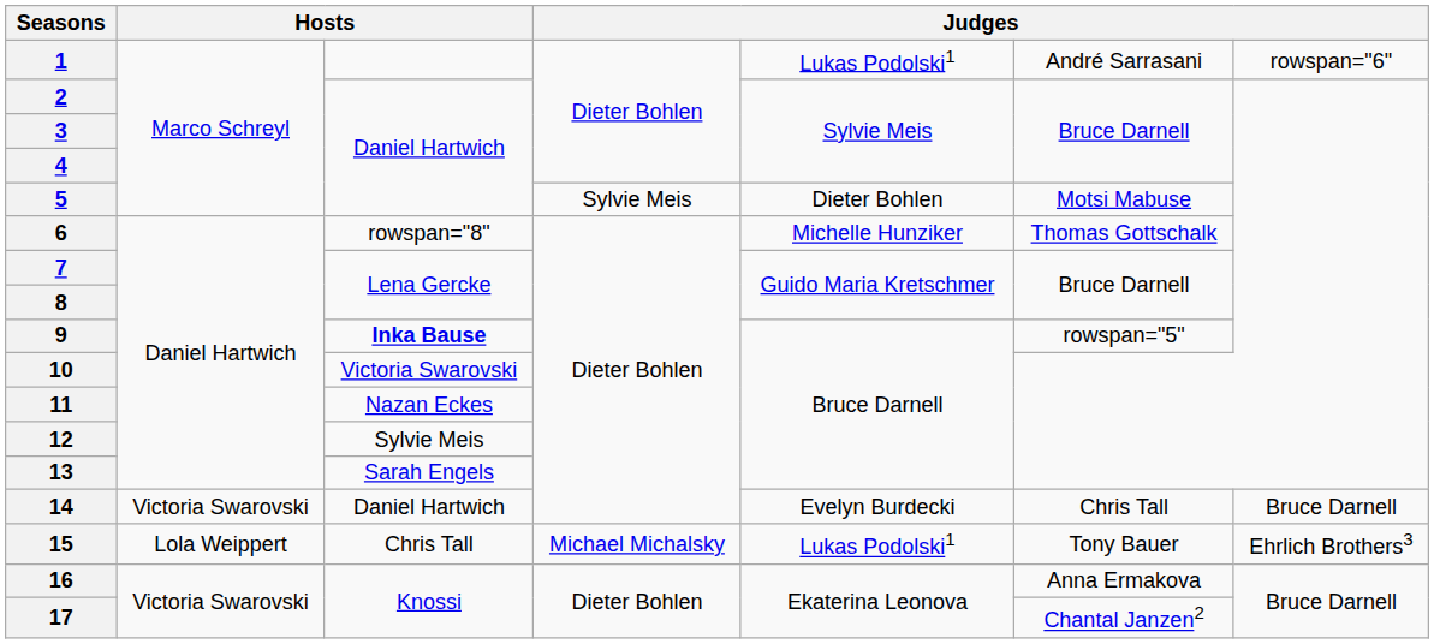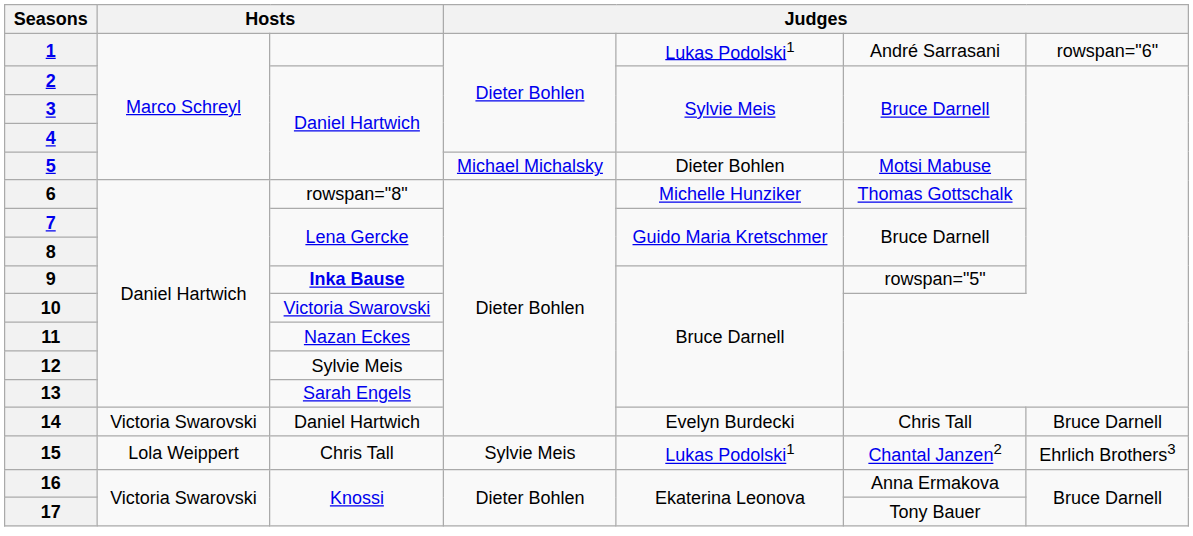 <table class="wikitable" style="text-align:center; font-size:90%; width: 75%;">
 <tr>
 <th>Seasons</th>
 <th colspan="2">Hosts</th>
 <th colspan="4">Judges</th>
 </tr>
 <tr>
 <th scope="row"><a href='#'>1</a></th>
 <td rowspan="5"><a href='#'>Marco Schreyl</a></td>
 <td></td>
 <td rowspan="4"><a href='#'>Dieter Bohlen</a></td>
 <td><a href='#'>Lukas Podolski</a><sup>1</sup></td>
 <td>André Sarrasani</td>
 <td>rowspan="6" </td>
 </tr>
 <tr>
 <th scope="row"><a href='#'>2</a></th>
 <td rowspan="4"><a href='#'>Daniel Hartwich</a></td>
 <td rowspan="3"><a href='#'>Sylvie Meis</a></td>
 <td rowspan="3"><a href='#'>Bruce Darnell</a></td>
 </tr>
 <tr>
 <th scope="row"><a href='#'>3</a></th>
 </tr>
 <tr>
 <th scope="row"><a href='#'>4</a></th>
 </tr>
 <tr>
 <th scope="row"><a href='#'>5</a></th>
-<td>Sylvie Meis</td>
+<td><a href='#'>Michael Michalsky</a></td>
 <td>Dieter Bohlen</td>
 <td><a href='#'>Motsi Mabuse</a></td>
 </tr>
 <tr>
 <th scope="row">6</th>
 <td rowspan="8">Daniel Hartwich</td>
 <td>rowspan="8" </td>
 <td rowspan="9">Dieter Bohlen</td>
 <td><a href='#'>Michelle Hunziker</a></td>
 <td><a href='#'>Thomas Gottschalk</a></td>
 </tr>
 <tr>
 <th scope="row"><a href='#'>7</a></th>
 <td rowspan="2"><a href='#'>Lena Gercke</a></td>
 <td rowspan="2"><a href='#'>Guido Maria Kretschmer</a></td>
 <td rowspan="2">Bruce Darnell</td>
 </tr>
 <tr>
 <th scope="row">8</th>
 </tr>
 <tr>
 <th scope="row">9</th>
 <td><strong><a href='#'>Inka Bause</a></strong></td>
 <td rowspan="5">Bruce Darnell</td>
 <td>rowspan="5" </td>
 </tr>
 <tr>
 <th scope="row">10</th>
 <td><a href='#'>Victoria Swarovski</a></td>
 </tr>
 <tr>
 <th scope="row">11</th>
 <td><a href='#'>Nazan Eckes</a></td>
 </tr>
 <tr>
 <th scope="row">12</th>
 <td>Sylvie Meis</td>
 </tr>
 <tr>
 <th scope="row">13</th>
 <td><a href='#'>Sarah Engels</a></td>
 </tr>
 <tr>
 <th scope="row">14</th>
 <td>Victoria Swarovski</td>
 <td>Daniel Hartwich</td>
 <td>Evelyn Burdecki</td>
 <td>Chris Tall</td>
 <td>Bruce Darnell</td>
 </tr>
 <tr>
 <th scope="row">15</th>
 <td>Lola Weippert</td>
 <td>Chris Tall</td>
-<td><a href='#'>Michael Michalsky</a></td>
+<td>Sylvie Meis</td>
 <td><a href='#'>Lukas Podolski</a><sup>1</sup></td>
-<td>Tony Bauer</td>
+<td><a href='#'>Chantal Janzen</a><sup>2</sup></td>
 <td>Ehrlich Brothers<sup>3</sup></td>
 </tr>
 <tr>
 <th scope="row">16</th>
 <td rowspan="2">Victoria Swarovski</td>
 <td rowspan="2"><a href='#'>Knossi</a></td>
 <td rowspan="2">Dieter Bohlen</td>
 <td rowspan="2">Ekaterina Leonova</td>
 <td>Anna Ermakova</td>
 <td rowspan="2">Bruce Darnell</td>
 </tr>
 <tr>
 <th scope="row">17</th>
-<td><a href='#'>Chantal Janzen</a><sup>2</sup></td>
+<td>Tony Bauer</td>
 </tr>
 </table>
